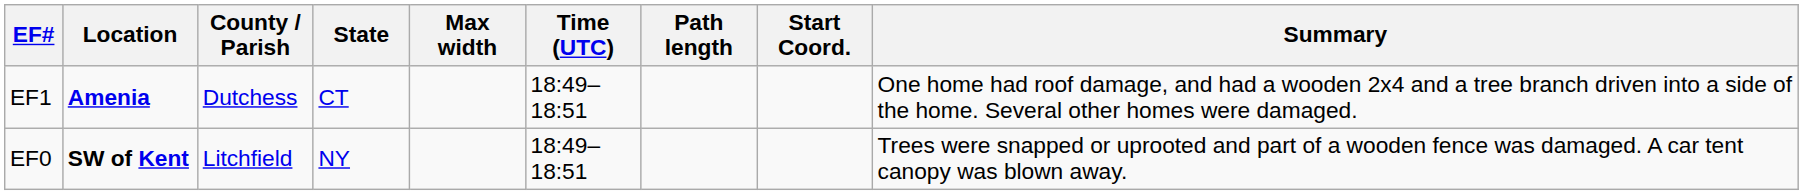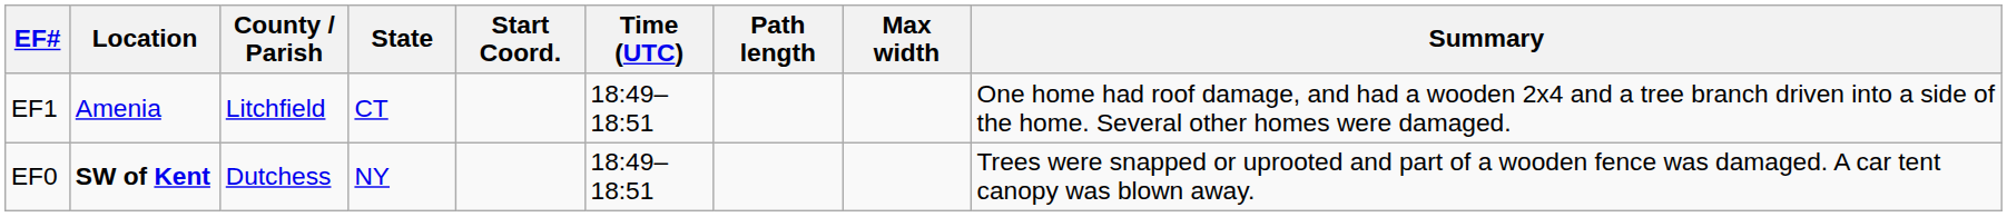 <table class="wikitable sortable" style="width:100%;">
 <tr>
 <th scope="col"  style="width:3%; text-align:center;"><a href='#'>EF#</a></th>
 <th scope="col"  style="width:7%; text-align:center;" class="unsortable">Location</th>
 <th scope="col"  style="width:6%; text-align:center;" class="unsortable">County / Parish</th>
 <th scope="col"  style="width:5%; text-align:center;">State</th>
-<th scope="col"  style="width:6%; text-align:center;">Max width</th>
+<th scope="col"  style="width:6%; text-align:center;">Start Coord.</th>
 <th scope="col"  style="width:6%; text-align:center;">Time (<a href='#'>UTC</a>)</th>
 <th scope="col"  style="width:6%; text-align:center;">Path length</th>
-<th scope="col"  style="width:6%; text-align:center;">Start Coord.</th>
+<th scope="col"  style="width:6%; text-align:center;">Max width</th>
 <th scope="col" class="unsortable" style="width:48%; text-align:center;">Summary</th>
 </tr>
 <tr>
 <td>EF1</td>
-<td><strong><a href='#'>Amenia</a></strong></td>
-<td><a href='#'>Dutchess</a></td>
+<td><a href='#'>Amenia</a></td>
+<td><a href='#'>Litchfield</a></td>
 <td><a href='#'>CT</a></td>
 <td></td>
 <td>18:49–18:51</td>
 <td></td>
 <td></td>
 <td>One home had roof damage, and had a wooden 2x4 and a tree branch driven into a side of the home. Several other homes were damaged.</td>
 </tr>
 <tr>
 <td>EF0</td>
 <td><strong>SW of <a href='#'>Kent</a></strong></td>
-<td><a href='#'>Litchfield</a></td>
+<td><a href='#'>Dutchess</a></td>
 <td><a href='#'>NY</a></td>
 <td></td>
 <td>18:49–18:51</td>
 <td></td>
 <td></td>
 <td>Trees were snapped or uprooted and part of a wooden fence was damaged. A car tent canopy was blown away.</td>
 </tr>
 </table>
